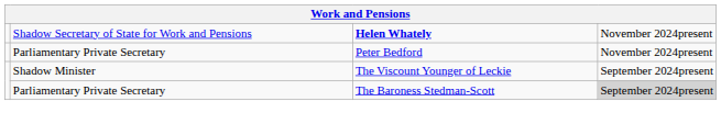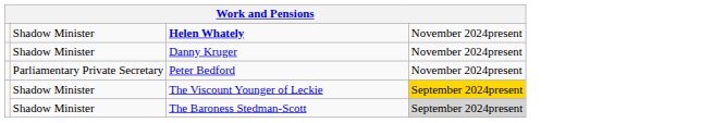 <table class="wikitable">
 <tr>
 <th colspan="4"><a href='#'>Work and Pensions</a></th>
 </tr>
 <tr>
 <td style="background: "></td>
-<td style="width: 450px;"><a href='#'>Shadow Secretary of State for Work and Pensions</a></td>
+<td>Shadow Minister</td>
 <td style="width: 320px;"><strong><a href='#'>Helen Whately</a></strong></td>
+<td>November 2024present</td>
+</tr>
+<tr>
+<td style="background: "></td>
+<td>Shadow Minister</td>
+<td><a href='#'>Danny Kruger</a></td>
 <td>November 2024present</td>
 </tr>
 <tr>
 <td style="background: "></td>
 <td>Parliamentary Private Secretary</td>
 <td><a href='#'>Peter Bedford</a></td>
 <td>November 2024present</td>
 </tr>
 <tr>
 <td rowspan="2" style="background: "></td>
 <td>Shadow Minister</td>
 <td><a href='#'>The Viscount Younger of Leckie</a></td>
-<td>September 2024present</td>
+<td style="background: gold;">September 2024present</td>
 </tr>
 <tr>
-<td>Parliamentary Private Secretary</td>
+<td>Shadow Minister</td>
 <td><a href='#'>The Baroness Stedman-Scott</a></td>
 <td style="background: lightgrey;">September 2024present</td>
 </tr>
 </table>
